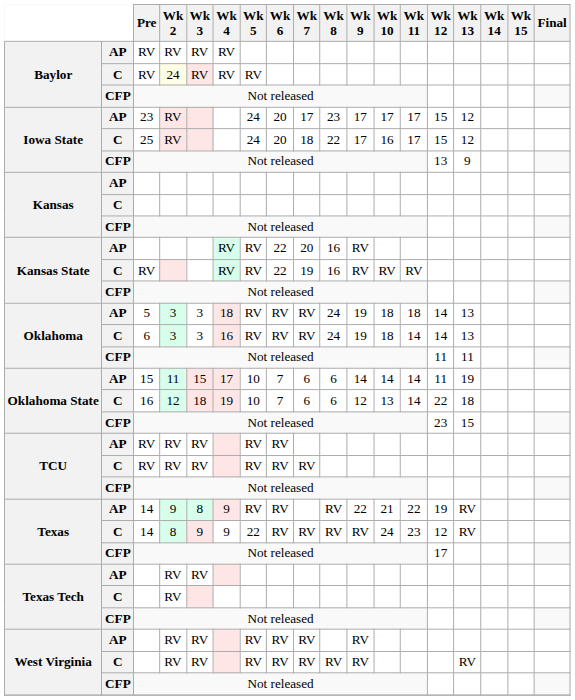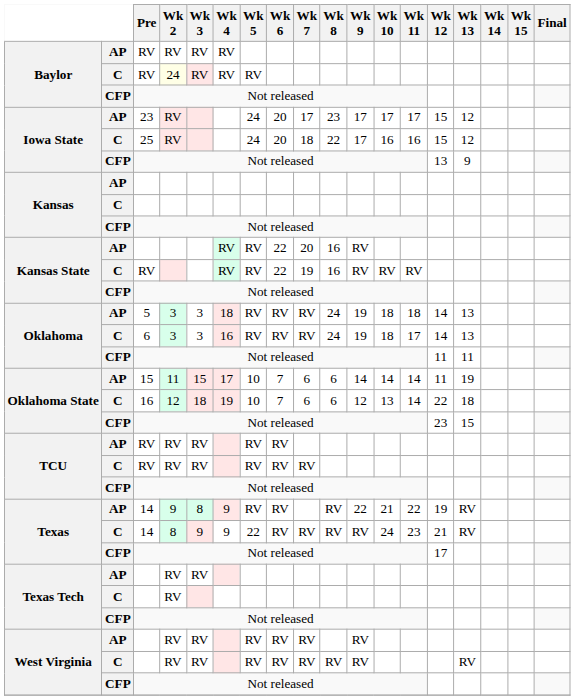 <table class="wikitable" style="white-space:nowrap; font-size:85%">
 <tr>
 <th colspan=2 style="background:white; border-top-style:hidden; border-left-style:hidden;"> </th>
 <th>Pre</th>
 <th>Wk<br>2</th>
 <th>Wk<br>3</th>
 <th>Wk<br>4</th>
 <th>Wk<br>5</th>
 <th>Wk<br>6</th>
 <th>Wk<br>7</th>
 <th>Wk<br>8</th>
 <th>Wk<br>9</th>
 <th>Wk<br>10</th>
 <th>Wk<br>11</th>
 <th>Wk<br>12</th>
 <th>Wk<br>13</th>
 <th>Wk<br>14</th>
 <th>Wk<br>15</th>
 <th>Final</th>
 </tr>
 <tr style="text-align:center;">
 <th rowspan="3">Baylor</th>
 <th>AP</th>
 <td style="background:#FFF;">RV</td>
 <td style="background:#FFF;">RV</td>
 <td style="background:#FFF;">RV</td>
 <td style="background:#FFF;">RV</td>
 <td style="background:#FFF;"></td>
 <td style="background:#FFF;"></td>
 <td style="background:#FFF;"></td>
 <td style="background:#FFF;"></td>
 <td style="background:#FFF;"></td>
 <td style="background:#FFF;"></td>
 <td style="background:#FFF;"></td>
 <td style="background:#FFF;"></td>
 <td style="background:#FFF;"></td>
 <td style="background:#FFF;"></td>
 <td style="background:#FFF;"></td>
 <td style="background:#FFF;"></td>
 </tr>
 <tr style="text-align:center;">
 <th>C</th>
 <td style="background:#FFF;">RV</td>
 <td style="background:#FFFFE6;">24</td>
 <td style="background:#FFE6E6;">RV</td>
 <td style="background:#FFF;">RV</td>
 <td style="background:#FFF;">RV</td>
 <td style="background:#FFF;"></td>
 <td style="background:#FFF;"></td>
 <td style="background:#FFF;"></td>
 <td style="background:#FFF;"></td>
 <td style="background:#FFF;"></td>
 <td style="background:#FFF;"></td>
 <td style="background:#FFF;"></td>
 <td style="background:#FFF;"></td>
 <td style="background:#FFF;"></td>
 <td style="background:#FFF;"></td>
 <td style="background:#FFF;"></td>
 </tr>
 <tr style="text-align:center;">
 <th>CFP</th>
 <td colspan="11" style="text-align:center;">Not released</td>
 <td style="background:#FFF;"></td>
 <td style="background:#FFF;"></td>
 <td style="background:#FFF;"></td>
 <td style="background:#FFF;"></td>
 <td style="text-align:center;"></td>
 </tr>
 <tr style="text-align:center;">
 <th rowspan="3">Iowa State</th>
 <th>AP</th>
 <td style="background:#FFF;">23</td>
 <td style="background:#FFE6E6;">RV</td>
 <td style="background:#FFE6E6;"></td>
 <td style="background:#FFF;"></td>
 <td style="background:#FFF;">24</td>
 <td style="background:#FFF;">20</td>
 <td style="background:#FFF;">17</td>
 <td style="background:#FFF;">23</td>
 <td style="background:#FFF;">17</td>
 <td style="background:#FFF;">17</td>
 <td style="background:#FFF;">17</td>
 <td style="background:#FFF;">15</td>
 <td style="background:#FFF;">12</td>
 <td style="background:#FFF;"></td>
 <td style="background:#FFF;"></td>
 <td style="background:#FFF;"></td>
 </tr>
 <tr style="text-align:center;">
 <th>C</th>
 <td style="background:#FFF;">25</td>
 <td style="background:#FFE6E6;">RV</td>
 <td style="background:#FFE6E6;"></td>
 <td style="background:#FFF;"></td>
 <td style="background:#FFF;">24</td>
 <td style="background:#FFF;">20</td>
 <td style="background:#FFF;">18</td>
 <td style="background:#FFF;">22</td>
 <td style="background:#FFF;">17</td>
 <td style="background:#FFF;">16</td>
-<td style="background:#FFF;">17</td>
+<td style="background:#FFF;">16</td>
 <td style="background:#FFF;">15</td>
 <td style="background:#FFF;">12</td>
 <td style="background:#FFF;"></td>
 <td style="background:#FFF;"></td>
 <td style="background:#FFF;"></td>
 </tr>
 <tr style="text-align:center;">
 <th>CFP</th>
 <td colspan="11" style="text-align:center;">Not released</td>
 <td style="background:#FFF;">13</td>
 <td style="background:#FFF;">9</td>
 <td style="background:#FFF;"></td>
 <td style="background:#FFF;"></td>
 <td style="text-align:center;"></td>
 </tr>
 <tr style="text-align:center;">
 <th rowspan="3">Kansas</th>
 <th>AP</th>
 <td style="background:#FFF;"></td>
 <td style="background:#FFF;"></td>
 <td style="background:#FFF;"></td>
 <td style="background:#FFF;"></td>
 <td style="background:#FFF;"></td>
 <td style="background:#FFF;"></td>
 <td style="background:#FFF;"></td>
 <td style="background:#FFF;"></td>
 <td style="background:#FFF;"></td>
 <td style="background:#FFF;"></td>
 <td style="background:#FFF;"></td>
 <td style="background:#FFF;"></td>
 <td style="background:#FFF;"></td>
 <td style="background:#FFF;"></td>
 <td style="background:#FFF;"></td>
 <td style="background:#FFF;"></td>
 </tr>
 <tr style="text-align:center;">
 <th>C</th>
 <td style="background:#FFF;"></td>
 <td style="background:#FFF;"></td>
 <td style="background:#FFF;"></td>
 <td style="background:#FFF;"></td>
 <td style="background:#FFF;"></td>
 <td style="background:#FFF;"></td>
 <td style="background:#FFF;"></td>
 <td style="background:#FFF;"></td>
 <td style="background:#FFF;"></td>
 <td style="background:#FFF;"></td>
 <td style="background:#FFF;"></td>
 <td style="background:#FFF;"></td>
 <td style="background:#FFF;"></td>
 <td style="background:#FFF;"></td>
 <td style="background:#FFF;"></td>
 <td style="background:#FFF;"></td>
 </tr>
 <tr style="text-align:center;">
 <th>CFP</th>
 <td colspan="11" style="text-align:center;">Not released</td>
 <td style="background:#FFF;"></td>
 <td style="background:#FFF;"></td>
 <td style="background:#FFF;"></td>
 <td style="background:#FFF;"></td>
 <td style="text-align:center;"></td>
 </tr>
 <tr style="text-align:center;">
 <th rowspan="3">Kansas State</th>
 <th>AP</th>
 <td style="background:#FFF;"></td>
 <td style="background:#FFF;"></td>
 <td style="background:#FFF;"></td>
 <td style="background:#d8ffeb;">RV</td>
 <td style="background:#FFF;">RV</td>
 <td style="background:#FFF;">22</td>
 <td style="background:#FFF;">20</td>
 <td style="background:#FFF;">16</td>
 <td style="background:#FFF;">RV</td>
 <td style="background:#FFF;"></td>
 <td style="background:#FFF;"></td>
 <td style="background:#FFF;"></td>
 <td style="background:#FFF;"></td>
 <td style="background:#FFF;"></td>
 <td style="background:#FFF;"></td>
 <td style="background:#FFF;"></td>
 </tr>
 <tr style="text-align:center;">
 <th>C</th>
 <td style="background:#FFF;">RV</td>
 <td style="background:#FFE6E6;"></td>
 <td style="background:#FFF;"></td>
 <td style="background:#d8ffeb;">RV</td>
 <td style="background:#FFF;">RV</td>
 <td style="background:#FFF;">22</td>
 <td style="background:#FFF;">19</td>
 <td style="background:#FFF;">16</td>
 <td style="background:#FFF;">RV</td>
 <td style="background:#FFF;">RV</td>
 <td style="background:#FFF;">RV</td>
 <td style="background:#FFF;"></td>
 <td style="background:#FFF;"></td>
 <td style="background:#FFF;"></td>
 <td style="background:#FFF;"></td>
 <td style="background:#FFF;"></td>
 </tr>
 <tr style="text-align:center;">
 <th>CFP</th>
 <td colspan="11" style="text-align:center;">Not released</td>
 <td style="background:#FFF;"></td>
 <td style="background:#FFF;"></td>
 <td style="background:#FFF;"></td>
 <td style="background:#FFF;"></td>
 <td style="text-align:center;"></td>
 </tr>
 <tr style="text-align:center;">
 <th rowspan="3">Oklahoma</th>
 <th>AP</th>
 <td style="background:#FFF;">5</td>
 <td style="background:#D8FFEB;">3</td>
 <td style="background:#FFF;">3</td>
 <td style="background:#FFE6E6;">18</td>
 <td style="background:#FFF;">RV</td>
 <td style="background:#FFF;">RV</td>
 <td style="background:#FFF;">RV</td>
 <td style="background:#FFF;">24</td>
 <td style="background:#FFF;">19</td>
 <td style="background:#FFF;">18</td>
 <td style="background:#FFF;">18</td>
 <td style="background:#FFF;">14</td>
 <td style="background:#FFF;">13</td>
 <td style="background:#FFF;"></td>
 <td style="background:#FFF;"></td>
 <td style="background:#FFF;"></td>
 </tr>
 <tr style="text-align:center;">
 <th>C</th>
 <td style="background:#FFF;">6</td>
 <td style="background:#D8FFEB;">3</td>
 <td style="background:#FFF;">3</td>
 <td style="background:#FFE6E6;">16</td>
 <td style="background:#FFF;">RV</td>
 <td style="background:#FFF;">RV</td>
 <td style="background:#FFF;">RV</td>
 <td style="background:#FFF;">24</td>
 <td style="background:#FFF;">19</td>
 <td style="background:#FFF;">18</td>
-<td style="background:#FFF;">14</td>
+<td style="background:#FFF;">17</td>
 <td style="background:#FFF;">14</td>
 <td style="background:#FFF;">13</td>
 <td style="background:#FFF;"></td>
 <td style="background:#FFF;"></td>
 <td style="background:#FFF;"></td>
 </tr>
 <tr style="text-align:center;">
 <th>CFP</th>
 <td colspan="11" style="text-align:center;">Not released</td>
 <td style="background:#FFF;">11</td>
 <td style="background:#FFF;">11</td>
 <td style="background:#FFF;"></td>
 <td style="background:#FFF;"></td>
 <td style="text-align:center;"></td>
 </tr>
 <tr style="text-align:center;">
 <th rowspan="3">Oklahoma State</th>
 <th>AP</th>
 <td style="background:#FFF;">15</td>
 <td style="background:#D8FFEB;">11</td>
 <td style="background:#FFE6E6;">15</td>
 <td style="background:#FFE6E6;">17</td>
 <td style="background:#FFF;">10</td>
 <td style="background:#FFF;">7</td>
 <td style="background:#FFF;">6</td>
 <td style="background:#FFF;">6</td>
 <td style="background:#FFF;">14</td>
 <td style="background:#FFF;">14</td>
 <td style="background:#FFF;">14</td>
 <td style="background:#FFF;">11</td>
 <td style="background:#FFF;">19</td>
 <td style="background:#FFF;"></td>
 <td style="background:#FFF;"></td>
 <td style="background:#FFF;"></td>
 </tr>
 <tr style="text-align:center;">
 <th>C</th>
 <td style="background:#FFF;">16</td>
 <td style="background:#D8FFEB;">12</td>
 <td style="background:#FFE6E6;">18</td>
 <td style="background:#FFE6E6;">19</td>
 <td style="background:#FFF;">10</td>
 <td style="background:#FFF;">7</td>
 <td style="background:#FFF;">6</td>
 <td style="background:#FFF;">6</td>
 <td style="background:#FFF;">12</td>
 <td style="background:#FFF;">13</td>
 <td style="background:#FFF;">14</td>
 <td style="background:#FFF;">22</td>
 <td style="background:#FFF;">18</td>
 <td style="background:#FFF;"></td>
 <td style="background:#FFF;"></td>
 <td style="background:#FFF;"></td>
 </tr>
 <tr style="text-align:center;">
 <th>CFP</th>
 <td colspan="11" style="text-align:center;">Not released</td>
 <td style="background:#FFF;">23</td>
 <td style="background:#FFF;">15</td>
 <td style="background:#FFF;"></td>
 <td style="background:#FFF;"></td>
 <td style="text-align:center;"></td>
 </tr>
 <tr style="text-align:center;">
 <th rowspan="3">TCU</th>
 <th>AP</th>
 <td style="background:#FFF;">RV</td>
 <td style="background:#FFF;">RV</td>
 <td style="background:#FFF;">RV</td>
 <td style="background:#FFE6E6;"></td>
 <td style="background:#FFF;">RV</td>
 <td style="background:#FFF;">RV</td>
 <td style="background:#FFF;"></td>
 <td style="background:#FFF;"></td>
 <td style="background:#FFF;"></td>
 <td style="background:#FFF;"></td>
 <td style="background:#FFF;"></td>
 <td style="background:#FFF;"></td>
 <td style="background:#FFF;"></td>
 <td style="background:#FFF;"></td>
 <td style="background:#FFF;"></td>
 <td style="background:#FFF;"></td>
 </tr>
 <tr style="text-align:center;">
 <th>C</th>
 <td style="background:#FFF;">RV</td>
 <td style="background:#FFF;">RV</td>
 <td style="background:#FFF;">RV</td>
 <td style="background:#FFE6E6;"></td>
 <td style="background:#FFF;">RV</td>
 <td style="background:#FFF;">RV</td>
 <td style="background:#FFF;">RV</td>
 <td style="background:#FFF;"></td>
 <td style="background:#FFF;"></td>
 <td style="background:#FFF;"></td>
 <td style="background:#FFF;"></td>
 <td style="background:#FFF;"></td>
 <td style="background:#FFF;"></td>
 <td style="background:#FFF;"></td>
 <td style="background:#FFF;"></td>
 <td style="background:#FFF;"></td>
 </tr>
 <tr style="text-align:center;">
 <th>CFP</th>
 <td colspan="11" style="text-align:center;">Not released</td>
 <td style="background:#FFF;"></td>
 <td style="background:#FFF;"></td>
 <td style="background:#FFF;"></td>
 <td style="background:#FFF;"></td>
 <td style="text-align:center;"></td>
 </tr>
 <tr style="text-align:center;">
 <th rowspan="3">Texas</th>
 <th>AP</th>
 <td style="background:#FFF;">14</td>
 <td style="background:#D8FFEB;">9</td>
 <td style="background:#D8FFEB;">8</td>
 <td style="background:#FFE6E6;">9</td>
 <td style="background:#FFF;">RV</td>
 <td style="background:#FFF;">RV</td>
 <td style="background:#FFF;"></td>
 <td style="background:#FFF;">RV</td>
 <td style="background:#FFF;">22</td>
 <td style="background:#FFF;">21</td>
 <td style="background:#FFF;">22</td>
 <td style="background:#FFF;">19</td>
 <td style="background:#FFF;">RV</td>
 <td style="background:#FFF;"></td>
 <td style="background:#FFF;"></td>
 <td style="background:#FFF;"></td>
 </tr>
 <tr style="text-align:center;">
 <th>C</th>
 <td style="background:#FFF;">14</td>
 <td style="background:#D8FFEB;">8</td>
 <td style="background:#FFE6E6;">9</td>
 <td style="background:#FFF;">9</td>
 <td style="background:#FFF;">22</td>
 <td style="background:#FFF;">RV</td>
 <td style="background:#FFF;">RV</td>
 <td style="background:#FFF;">RV</td>
 <td style="background:#FFF;">RV</td>
 <td style="background:#FFF;">24</td>
 <td style="background:#FFF;">23</td>
-<td style="background:#FFF;">12</td>
+<td style="background:#FFF;">21</td>
 <td style="background:#FFF;">RV</td>
 <td style="background:#FFF;"></td>
 <td style="background:#FFF;"></td>
 <td style="background:#FFF;"></td>
 </tr>
 <tr style="text-align:center;">
 <th>CFP</th>
 <td colspan="11" style="text-align:center;">Not released</td>
 <td style="background:#FFF;">17</td>
 <td style="background:#FFF;"></td>
 <td style="background:#FFF;"></td>
 <td style="background:#FFF;"></td>
 <td style="text-align:center;"></td>
 </tr>
 <tr style="text-align:center;">
 <th rowspan="3">Texas Tech</th>
 <th>AP</th>
 <td style="background:#FFF;"></td>
 <td style="background:#FFF;">RV</td>
 <td style="background:#FFF;">RV</td>
 <td style="background:#FFE6E6;"></td>
 <td style="background:#FFF;"></td>
 <td style="background:#FFF;"></td>
 <td style="background:#FFF;"></td>
 <td style="background:#FFF;"></td>
 <td style="background:#FFF;"></td>
 <td style="background:#FFF;"></td>
 <td style="background:#FFF;"></td>
 <td style="background:#FFF;"></td>
 <td style="background:#FFF;"></td>
 <td style="background:#FFF;"></td>
 <td style="background:#FFF;"></td>
 <td style="background:#FFF;"></td>
 </tr>
 <tr style="text-align:center;">
 <th>C</th>
 <td style="background:#FFF;"></td>
 <td style="background:#FFF;">RV</td>
 <td style="background:#FFE6E6;"></td>
 <td style="background:#FFF;"></td>
 <td style="background:#FFF;"></td>
 <td style="background:#FFF;"></td>
 <td style="background:#FFF;"></td>
 <td style="background:#FFF;"></td>
 <td style="background:#FFF;"></td>
 <td style="background:#FFF;"></td>
 <td style="background:#FFF;"></td>
 <td style="background:#FFF;"></td>
 <td style="background:#FFF;"></td>
 <td style="background:#FFF;"></td>
 <td style="background:#FFF;"></td>
 <td style="background:#FFF;"></td>
 </tr>
 <tr style="text-align:center;">
 <th>CFP</th>
 <td colspan="11" style="text-align:center;">Not released</td>
 <td style="background:#FFF;"></td>
 <td style="background:#FFF;"></td>
 <td style="background:#FFF;"></td>
 <td style="background:#FFF;"></td>
 <td style="text-align:center;"></td>
 </tr>
 <tr style="text-align:center;">
 <th rowspan="3">West Virginia</th>
 <th>AP</th>
 <td style="background:#FFF;"></td>
 <td style="background:#FFF;">RV</td>
 <td style="background:#FFF;">RV</td>
 <td style="background:#FFE6E6;"></td>
 <td style="background:#FFF;">RV</td>
 <td style="background:#FFF;">RV</td>
 <td style="background:#FFF;">RV</td>
 <td style="background:#FFF;"></td>
 <td style="background:#FFF;">RV</td>
 <td style="background:#FFF;"></td>
 <td style="background:#FFF;"></td>
 <td style="background:#FFF;"></td>
 <td style="background:#FFF;"></td>
 <td style="background:#FFF;"></td>
 <td style="background:#FFF;"></td>
 <td style="background:#FFF;"></td>
 </tr>
 <tr style="text-align:center;">
 <th>C</th>
 <td style="background:#FFF;"></td>
 <td style="background:#FFF;">RV</td>
 <td style="background:#FFF;">RV</td>
 <td style="background:#FFE6E6;"></td>
 <td style="background:#FFF;">RV</td>
 <td style="background:#FFF;">RV</td>
 <td style="background:#FFF;">RV</td>
 <td style="background:#FFF;">RV</td>
 <td style="background:#FFF;">RV</td>
 <td style="background:#FFF;"></td>
 <td style="background:#FFF;"></td>
 <td style="background:#FFF;"></td>
 <td style="background:#FFF;">RV</td>
 <td style="background:#FFF;"></td>
 <td style="background:#FFF;"></td>
 <td style="background:#FFF;"></td>
 </tr>
 <tr style="text-align:center;">
 <th>CFP</th>
 <td colspan="11" style="text-align:center;">Not released</td>
 <td style="background:#FFF;"></td>
 <td style="background:#FFF;"></td>
 <td style="background:#FFF;"></td>
 <td style="background:#FFF;"></td>
 <td style="text-align:center;"></td>
 </tr>
 <tr style="text-align:center;">
 </tr>
 </table>
